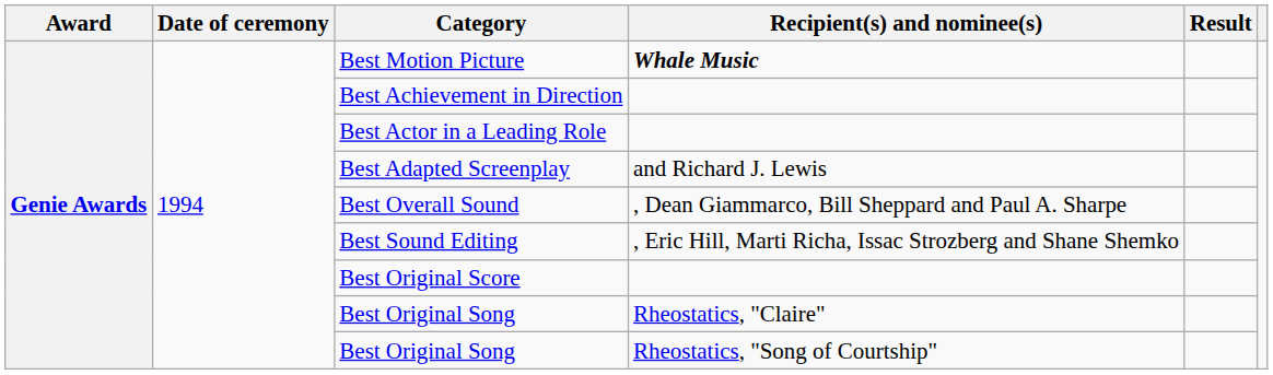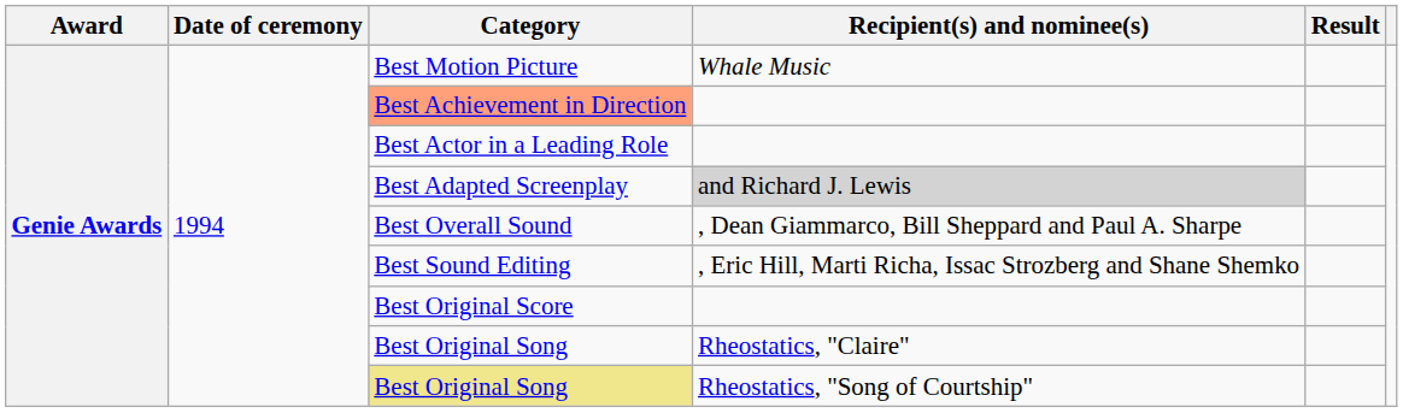 <table class="wikitable plainrowheaders sortable">
 <tr>
 <th scope="col">Award</th>
 <th scope="col">Date of ceremony</th>
 <th scope="col">Category</th>
 <th scope="col">Recipient(s) and nominee(s)</th>
 <th scope="col">Result</th>
 <th scope="col" class="unsortable"></th>
 </tr>
 <tr>
 <th scope="row" rowspan=9><a href='#'>Genie Awards</a></th>
 <td rowspan="9"><a href='#'>1994</a></td>
 <td><a href='#'>Best Motion Picture</a></td>
-<td><strong><em>Whale Music</em></strong></td>
+<td><em>Whale Music</em></td>
 <td></td>
 <td style="text-align:center;" rowspan=9></td>
 </tr>
 <tr>
-<td><a href='#'>Best Achievement in Direction</a></td>
+<td style="background: lightsalmon;"><a href='#'>Best Achievement in Direction</a></td>
 <td></td>
 <td></td>
 </tr>
 <tr>
 <td><a href='#'>Best Actor in a Leading Role</a></td>
 <td></td>
 <td></td>
 </tr>
 <tr>
 <td><a href='#'>Best Adapted Screenplay</a></td>
-<td> and Richard J. Lewis</td>
+<td style="background: lightgrey;"> and Richard J. Lewis</td>
 <td></td>
 </tr>
 <tr>
 <td><a href='#'>Best Overall Sound</a></td>
 <td>, Dean Giammarco, Bill Sheppard and Paul A. Sharpe</td>
 <td></td>
 </tr>
 <tr>
 <td><a href='#'>Best Sound Editing</a></td>
 <td>, Eric Hill, Marti Richa, Issac Strozberg and Shane Shemko</td>
 <td></td>
 </tr>
 <tr>
 <td><a href='#'>Best Original Score</a></td>
 <td></td>
 <td></td>
 </tr>
 <tr>
 <td><a href='#'>Best Original Song</a></td>
 <td><a href='#'>Rheostatics</a>, "Claire"</td>
 <td></td>
 </tr>
 <tr>
-<td><a href='#'>Best Original Song</a></td>
+<td style="background: khaki;"><a href='#'>Best Original Song</a></td>
 <td><a href='#'>Rheostatics</a>, "Song of Courtship"</td>
 <td></td>
 </tr>
 </table>
